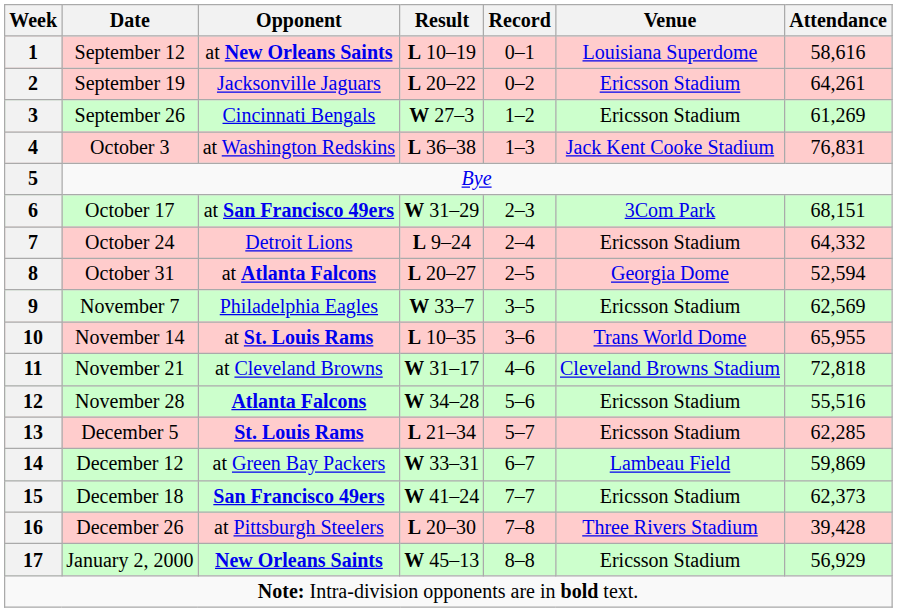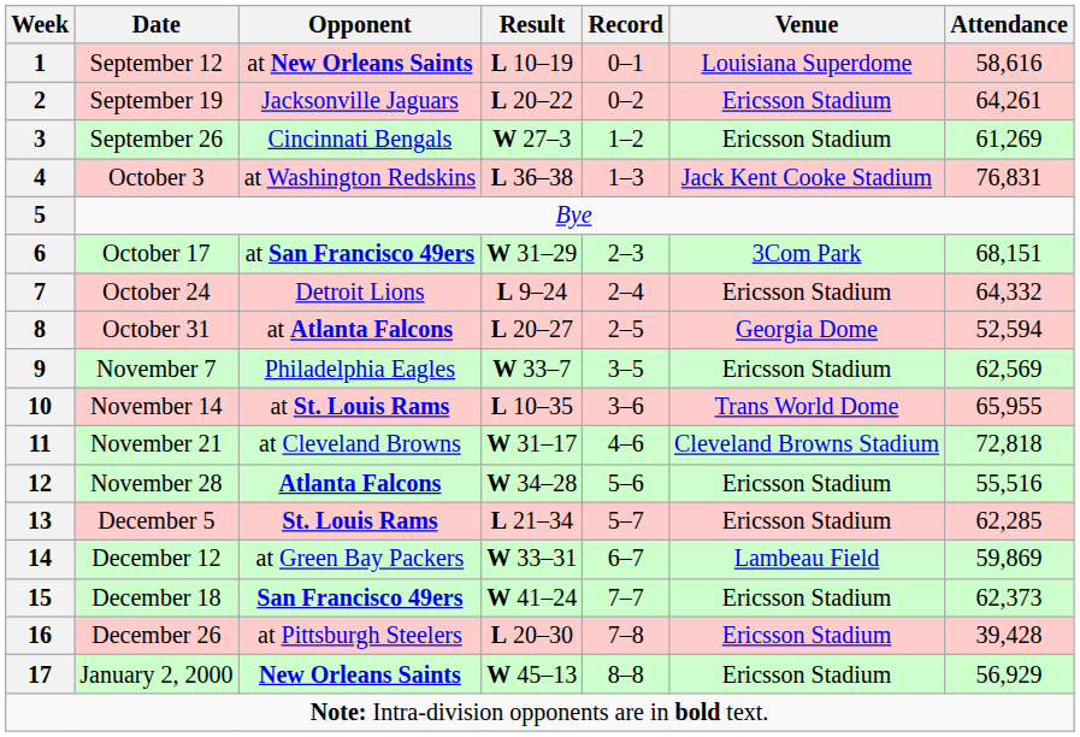 <table class="wikitable"  style="text-align: center;">
 <tr>
 <th>Week</th>
 <th>Date</th>
 <th>Opponent</th>
 <th>Result</th>
 <th>Record</th>
 <th>Venue</th>
 <th>Attendance</th>
 </tr>
 <tr style="background:#fcc">
 <th>1</th>
 <td>September 12</td>
 <td>at <strong><a href='#'>New Orleans Saints</a></strong></td>
 <td><strong>L</strong> 10–19</td>
 <td>0–1</td>
 <td><a href='#'>Louisiana Superdome</a></td>
 <td>58,616</td>
 </tr>
 <tr style="background:#fcc">
 <th>2</th>
 <td>September 19</td>
 <td><a href='#'>Jacksonville Jaguars</a></td>
 <td><strong>L</strong> 20–22</td>
 <td>0–2</td>
 <td><a href='#'>Ericsson Stadium</a></td>
 <td>64,261</td>
 </tr>
 <tr style="background:#cfc">
 <th>3</th>
 <td>September 26</td>
 <td><a href='#'>Cincinnati Bengals</a></td>
 <td><strong>W</strong> 27–3</td>
 <td>1–2</td>
 <td>Ericsson Stadium</td>
 <td>61,269</td>
 </tr>
 <tr style="background:#fcc">
 <th>4</th>
 <td>October 3</td>
 <td>at <a href='#'>Washington Redskins</a></td>
 <td><strong>L</strong> 36–38</td>
 <td>1–3</td>
 <td><a href='#'>Jack Kent Cooke Stadium</a></td>
 <td>76,831</td>
 </tr>
 <tr>
 <th>5</th>
 <td colspan="6"><em><a href='#'>Bye</a></em></td>
 </tr>
 <tr style="background:#cfc">
 <th>6</th>
 <td>October 17</td>
 <td>at <strong><a href='#'>San Francisco 49ers</a></strong></td>
 <td><strong>W</strong> 31–29</td>
 <td>2–3</td>
 <td><a href='#'>3Com Park</a></td>
 <td>68,151</td>
 </tr>
 <tr style="background:#fcc">
 <th>7</th>
 <td>October 24</td>
 <td><a href='#'>Detroit Lions</a></td>
 <td><strong>L</strong> 9–24</td>
 <td>2–4</td>
 <td>Ericsson Stadium</td>
 <td>64,332</td>
 </tr>
 <tr style="background:#fcc">
 <th>8</th>
 <td>October 31</td>
 <td>at <strong><a href='#'>Atlanta Falcons</a></strong></td>
 <td><strong>L</strong> 20–27</td>
 <td>2–5</td>
 <td><a href='#'>Georgia Dome</a></td>
 <td>52,594</td>
 </tr>
 <tr style="background:#cfc">
 <th>9</th>
 <td>November 7</td>
 <td><a href='#'>Philadelphia Eagles</a></td>
 <td><strong>W</strong> 33–7</td>
 <td>3–5</td>
 <td>Ericsson Stadium</td>
 <td>62,569</td>
 </tr>
 <tr style="background:#fcc">
 <th>10</th>
 <td>November 14</td>
 <td>at <strong><a href='#'>St. Louis Rams</a></strong></td>
 <td><strong>L</strong> 10–35</td>
 <td>3–6</td>
 <td><a href='#'>Trans World Dome</a></td>
 <td>65,955</td>
 </tr>
 <tr style="background:#cfc">
 <th>11</th>
 <td>November 21</td>
 <td>at <a href='#'>Cleveland Browns</a></td>
 <td><strong>W</strong> 31–17</td>
 <td>4–6</td>
 <td><a href='#'>Cleveland Browns Stadium</a></td>
 <td>72,818</td>
 </tr>
 <tr style="background:#cfc">
 <th>12</th>
 <td>November 28</td>
 <td><strong><a href='#'>Atlanta Falcons</a></strong></td>
 <td><strong>W</strong> 34–28</td>
 <td>5–6</td>
 <td>Ericsson Stadium</td>
 <td>55,516</td>
 </tr>
 <tr style="background:#fcc">
 <th>13</th>
 <td>December 5</td>
 <td><strong><a href='#'>St. Louis Rams</a></strong></td>
 <td><strong>L</strong> 21–34</td>
 <td>5–7</td>
 <td>Ericsson Stadium</td>
 <td>62,285</td>
 </tr>
 <tr style="background:#cfc">
 <th>14</th>
 <td>December 12</td>
 <td>at <a href='#'>Green Bay Packers</a></td>
 <td><strong>W</strong> 33–31</td>
 <td>6–7</td>
 <td><a href='#'>Lambeau Field</a></td>
 <td>59,869</td>
 </tr>
 <tr style="background:#cfc">
 <th>15</th>
 <td>December 18</td>
 <td><strong><a href='#'>San Francisco 49ers</a></strong></td>
 <td><strong>W</strong> 41–24</td>
 <td>7–7</td>
 <td>Ericsson Stadium</td>
 <td>62,373</td>
 </tr>
 <tr style="background:#fcc">
 <th>16</th>
 <td>December 26</td>
 <td>at <a href='#'>Pittsburgh Steelers</a></td>
 <td><strong>L</strong> 20–30</td>
 <td>7–8</td>
-<td><a href='#'>Three Rivers Stadium</a></td>
+<td><a href='#'>Ericsson Stadium</a></td>
 <td>39,428</td>
 </tr>
 <tr style="background:#cfc">
 <th>17</th>
 <td>January 2, 2000</td>
 <td><strong><a href='#'>New Orleans Saints</a></strong></td>
 <td><strong>W</strong> 45–13</td>
 <td>8–8</td>
 <td>Ericsson Stadium</td>
 <td>56,929</td>
 </tr>
 <tr>
 <td colspan="7"><strong>Note:</strong> Intra-division opponents are in <strong>bold</strong> text.</td>
 </tr>
 </table>
